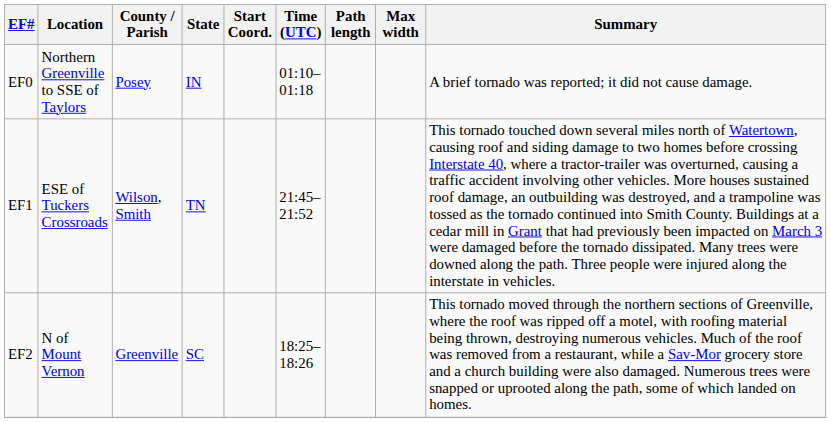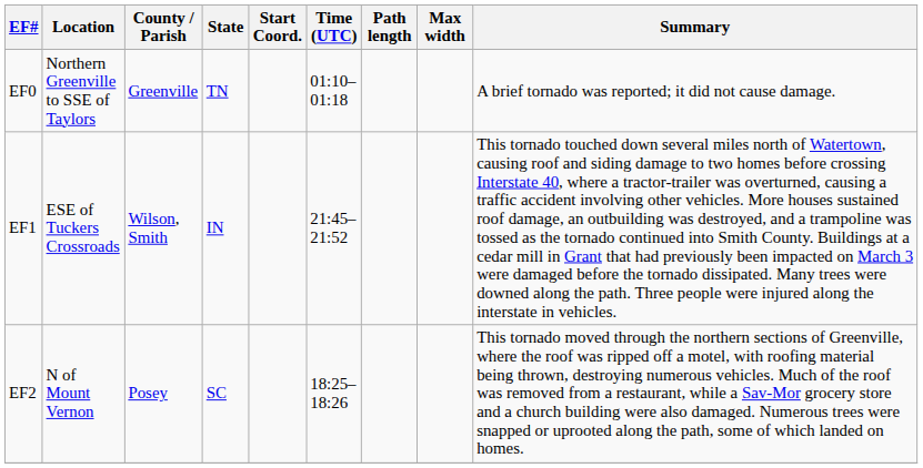 <table class="wikitable sortable" style="width:100%;">
 <tr>
 <th scope="col"  style="width:3%; text-align:center;"><a href='#'>EF#</a></th>
 <th scope="col"  style="width:7%; text-align:center;" class="unsortable">Location</th>
 <th scope="col"  style="width:6%; text-align:center;" class="unsortable">County / Parish</th>
 <th scope="col"  style="width:5%; text-align:center;">State</th>
 <th scope="col"  style="width:6%; text-align:center;">Start Coord.</th>
 <th scope="col"  style="width:6%; text-align:center;">Time (<a href='#'>UTC</a>)</th>
 <th scope="col"  style="width:6%; text-align:center;">Path length</th>
 <th scope="col"  style="width:6%; text-align:center;">Max width</th>
 <th scope="col" class="unsortable" style="width:48%; text-align:center;">Summary</th>
 </tr>
 <tr>
 <td>EF0</td>
 <td>Northern <a href='#'>Greenville</a> to SSE of <a href='#'>Taylors</a></td>
-<td><a href='#'>Posey</a></td>
-<td><a href='#'>IN</a></td>
+<td><a href='#'>Greenville</a></td>
+<td><a href='#'>TN</a></td>
 <td></td>
 <td>01:10–01:18</td>
 <td></td>
 <td></td>
 <td>A brief tornado was reported; it did not cause damage.</td>
 </tr>
 <tr>
 <td>EF1</td>
 <td>ESE of <a href='#'>Tuckers Crossroads</a></td>
 <td><a href='#'>Wilson</a>, <a href='#'>Smith</a></td>
-<td><a href='#'>TN</a></td>
+<td><a href='#'>IN</a></td>
 <td></td>
 <td>21:45–21:52</td>
 <td></td>
 <td></td>
 <td>This tornado touched down several miles north of <a href='#'>Watertown</a>, causing roof and siding damage to two homes before crossing <a href='#'>Interstate 40</a>, where a tractor-trailer was overturned, causing a traffic accident involving other vehicles. More houses sustained roof damage, an outbuilding was destroyed, and a trampoline was tossed as the tornado continued into Smith County. Buildings at a cedar mill in <a href='#'>Grant</a> that had previously been impacted on <a href='#'>March 3</a> were damaged before the tornado dissipated. Many trees were downed along the path. Three people were injured along the interstate in vehicles.</td>
 </tr>
 <tr>
 <td>EF2</td>
 <td>N of <a href='#'>Mount Vernon</a></td>
-<td><a href='#'>Greenville</a></td>
+<td><a href='#'>Posey</a></td>
 <td><a href='#'>SC</a></td>
 <td></td>
 <td>18:25–18:26</td>
 <td></td>
 <td></td>
 <td>This tornado moved through the northern sections of Greenville, where the roof was ripped off a motel, with roofing material being thrown, destroying numerous vehicles. Much of the roof was removed from a restaurant, while a <a href='#'>Sav-Mor</a> grocery store and a church building were also damaged. Numerous trees were snapped or uprooted along the path, some of which landed on homes.</td>
 </tr>
 <tr>
 </tr>
 </table>
